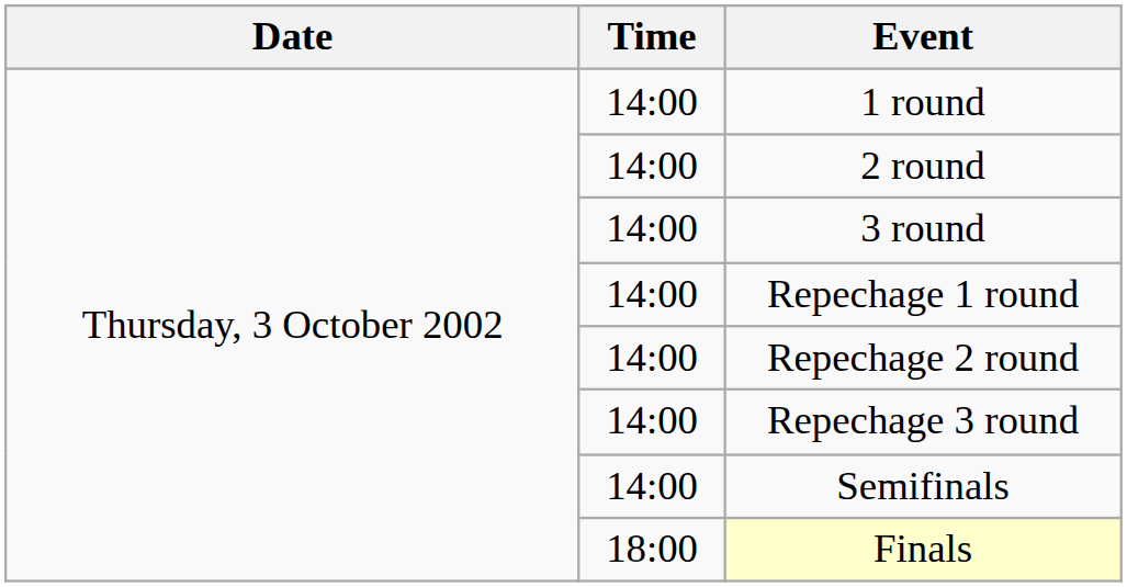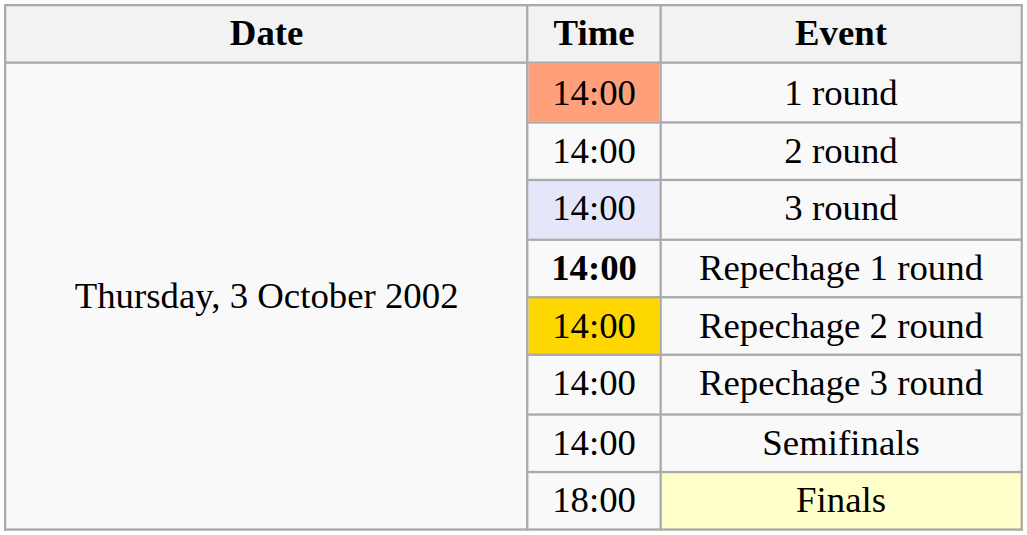 <table class = "wikitable" style="text-align:center;">
 <tr>
 <th width=220>Date</th>
 <th width=50>Time</th>
 <th width=150>Event</th>
 </tr>
 <tr>
 <td rowspan=8>Thursday, 3 October 2002</td>
-<td>14:00</td>
+<td style="background: lightsalmon;">14:00</td>
 <td>1 round</td>
 </tr>
 <tr>
 <td>14:00</td>
 <td>2 round</td>
 </tr>
 <tr>
-<td>14:00</td>
+<td style="background: lavender;">14:00</td>
 <td>3 round</td>
 </tr>
 <tr>
-<td>14:00</td>
+<td><strong>14:00</strong></td>
 <td>Repechage 1 round</td>
 </tr>
 <tr>
-<td>14:00</td>
+<td style="background: gold;">14:00</td>
 <td>Repechage 2 round</td>
 </tr>
 <tr>
 <td>14:00</td>
 <td>Repechage 3 round</td>
 </tr>
 <tr>
 <td>14:00</td>
 <td>Semifinals</td>
 </tr>
 <tr>
 <td>18:00</td>
 <td bgcolor=ffffcc>Finals</td>
 </tr>
 </table>
